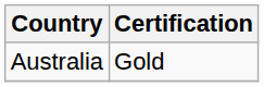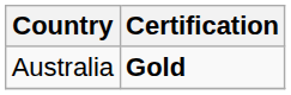 <table class="wikitable">
 <tr>
 <th>Country</th>
 <th>Certification</th>
 </tr>
 <tr>
 <td>Australia</td>
-<td>Gold</td>
+<td><strong>Gold</strong></td>
 </tr>
 <tr>
 </tr>
 </table>
